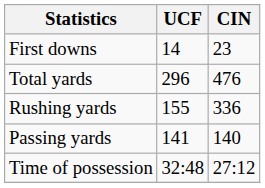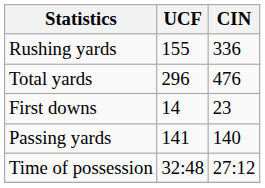 <table class="wikitable">
 <tr>
 <th>Statistics</th>
 <th>UCF</th>
 <th>CIN</th>
 </tr>
 <tr>
-<td>First downs</td>
-<td>14</td>
-<td>23</td>
+<td>Rushing yards</td>
+<td>155</td>
+<td>336</td>
 </tr>
 <tr>
 <td>Total yards</td>
 <td>296</td>
 <td>476</td>
 </tr>
 <tr>
-<td>Rushing yards</td>
-<td>155</td>
-<td>336</td>
+<td>First downs</td>
+<td>14</td>
+<td>23</td>
 </tr>
 <tr>
 <td>Passing yards</td>
 <td>141</td>
 <td>140</td>
 </tr>
 <tr>
 <td>Time of possession</td>
 <td>32:48</td>
 <td>27:12</td>
 </tr>
 <tr>
 </tr>
 </table>
